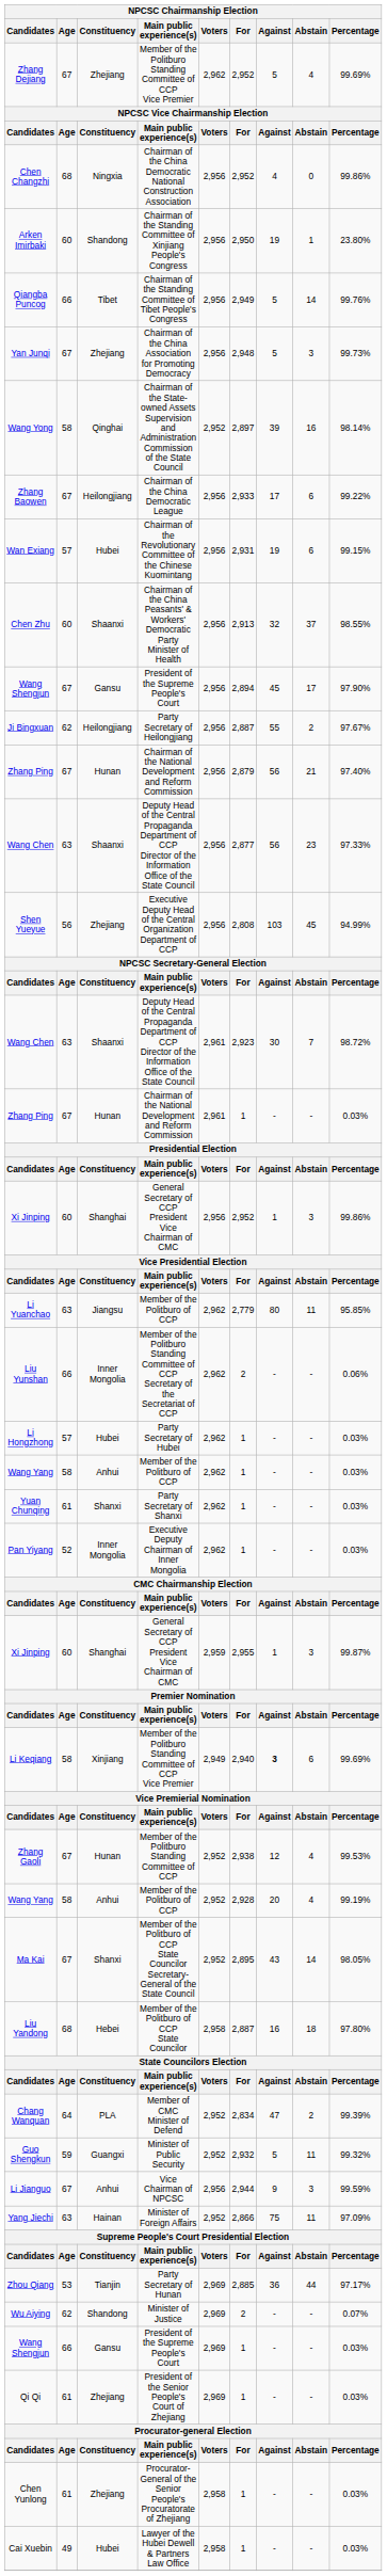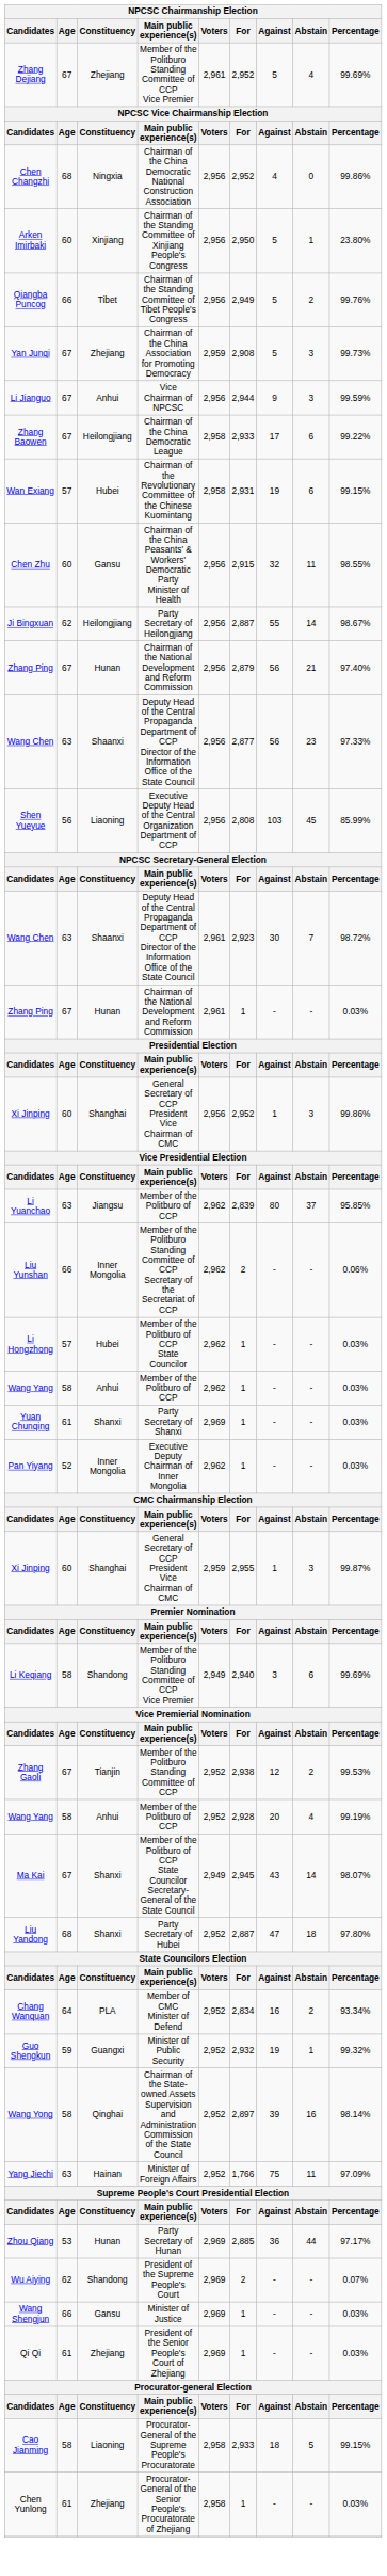 <table class="wikitable" style="text-align: center;">
 <tr>
 <th colspan=9>NPCSC Chairmanship Election</th>
 </tr>
 <tr>
 <th>Candidates</th>
 <th>Age</th>
 <th>Constituency</th>
 <th>Main public experience(s)</th>
 <th>Voters</th>
 <th>For</th>
 <th>Against</th>
 <th>Abstain</th>
 <th>Percentage</th>
 </tr>
 <tr>
 <td><a href='#'>Zhang Dejiang</a> </td>
 <td>67</td>
 <td>Zhejiang</td>
 <td>Member of the Politburo Standing Committee of CCP<br>Vice Premier</td>
-<td>2,962</td>
+<td>2,961</td>
 <td>2,952</td>
 <td>5</td>
 <td>4</td>
 <td>99.69%</td>
 </tr>
 <tr>
 <th colspan=9>NPCSC Vice Chairmanship Election</th>
 </tr>
 <tr>
 <th>Candidates</th>
 <th>Age</th>
 <th>Constituency</th>
 <th>Main public experience(s)</th>
 <th>Voters</th>
 <th>For</th>
 <th>Against</th>
 <th>Abstain</th>
 <th>Percentage</th>
 </tr>
 <tr>
 <td><a href='#'>Chen Changzhi</a> </td>
 <td>68</td>
 <td>Ningxia</td>
 <td>Chairman of the China Democratic National Construction Association</td>
 <td>2,956</td>
 <td>2,952</td>
 <td>4</td>
 <td>0</td>
 <td>99.86%</td>
 </tr>
 <tr>
 <td><a href='#'>Arken Imirbaki</a> </td>
 <td>60</td>
-<td>Shandong</td>
+<td>Xinjiang</td>
 <td>Chairman of the Standing Committee of Xinjiang People's Congress</td>
 <td>2,956</td>
 <td>2,950</td>
-<td>19</td>
+<td>5</td>
 <td>1</td>
 <td>23.80%</td>
 </tr>
 <tr>
 <td><a href='#'>Qiangba Puncog</a> </td>
 <td>66</td>
 <td>Tibet</td>
 <td>Chairman of the Standing Committee of Tibet People's Congress</td>
 <td>2,956</td>
 <td>2,949</td>
 <td>5</td>
-<td>14</td>
+<td>2</td>
 <td>99.76%</td>
 </tr>
 <tr>
 <td><a href='#'>Yan Junqi</a> </td>
 <td>67</td>
 <td>Zhejiang</td>
 <td>Chairman of the China Association for Promoting Democracy</td>
-<td>2,956</td>
-<td>2,948</td>
+<td>2,959</td>
+<td>2,908</td>
 <td>5</td>
 <td>3</td>
 <td>99.73%</td>
 </tr>
 <tr>
-<td><a href='#'>Wang Yong</a> </td>
-<td>58</td>
-<td>Qinghai</td>
-<td>Chairman of the State-owned Assets Supervision and Administration Commission of the State Council</td>
-<td>2,952</td>
-<td>2,897</td>
-<td>39</td>
-<td>16</td>
-<td>98.14%</td>
+<td><a href='#'>Li Jianguo</a> </td>
+<td>67</td>
+<td>Anhui</td>
+<td>Vice Chairman of NPCSC</td>
+<td>2,956</td>
+<td>2,944</td>
+<td>9</td>
+<td>3</td>
+<td>99.59%</td>
 </tr>
 <tr>
 <td><a href='#'>Zhang Baowen</a> </td>
 <td>67</td>
 <td>Heilongjiang</td>
 <td>Chairman of the China Democratic League</td>
-<td>2,956</td>
+<td>2,958</td>
 <td>2,933</td>
 <td>17</td>
 <td>6</td>
 <td>99.22%</td>
 </tr>
 <tr>
 <td><a href='#'>Wan Exiang</a> </td>
 <td>57</td>
 <td>Hubei</td>
 <td>Chairman of the Revolutionary Committee of the Chinese Kuomintang</td>
-<td>2,956</td>
+<td>2,958</td>
 <td>2,931</td>
 <td>19</td>
 <td>6</td>
 <td>99.15%</td>
 </tr>
 <tr>
 <td><a href='#'>Chen Zhu</a> </td>
 <td>60</td>
-<td>Shaanxi</td>
+<td>Gansu</td>
 <td>Chairman of the China Peasants' & Workers' Democratic Party<br>Minister of Health</td>
 <td>2,956</td>
-<td>2,913</td>
+<td>2,915</td>
 <td>32</td>
-<td>37</td>
+<td>11</td>
 <td>98.55%</td>
-</tr>
-<tr>
-<td><a href='#'>Wang Shengjun</a> </td>
-<td>67</td>
-<td>Gansu</td>
-<td>President of the Supreme People's Court</td>
-<td>2,956</td>
-<td>2,894</td>
-<td>45</td>
-<td>17</td>
-<td>97.90%</td>
 </tr>
 <tr>
 <td><a href='#'>Ji Bingxuan</a> </td>
 <td>62</td>
 <td>Heilongjiang</td>
 <td>Party Secretary of Heilongjiang</td>
 <td>2,956</td>
 <td>2,887</td>
 <td>55</td>
-<td>2</td>
-<td>97.67%</td>
+<td>14</td>
+<td>98.67%</td>
 </tr>
 <tr>
 <td><a href='#'>Zhang Ping</a> </td>
 <td>67</td>
 <td>Hunan</td>
 <td>Chairman of the National Development and Reform Commission</td>
 <td>2,956</td>
 <td>2,879</td>
 <td>56</td>
 <td>21</td>
 <td>97.40%</td>
 </tr>
 <tr>
 <td><a href='#'>Wang Chen</a> </td>
 <td>63</td>
 <td>Shaanxi</td>
 <td>Deputy Head of the Central Propaganda Department of CCP<br>Director of the Information Office of the State Council</td>
 <td>2,956</td>
 <td>2,877</td>
 <td>56</td>
 <td>23</td>
 <td>97.33%</td>
 </tr>
 <tr>
 <td><a href='#'>Shen Yueyue</a> </td>
 <td>56</td>
-<td>Zhejiang</td>
+<td>Liaoning</td>
 <td>Executive Deputy Head of the Central Organization Department of CCP</td>
 <td>2,956</td>
 <td>2,808</td>
 <td>103</td>
 <td>45</td>
-<td>94.99%</td>
+<td>85.99%</td>
 </tr>
 <tr>
 <th colspan=9>NPCSC Secretary-General Election</th>
 </tr>
 <tr>
 <th>Candidates</th>
 <th>Age</th>
 <th>Constituency</th>
 <th>Main public experience(s)</th>
 <th>Voters</th>
 <th>For</th>
 <th>Against</th>
 <th>Abstain</th>
 <th>Percentage</th>
 </tr>
 <tr>
 <td><a href='#'>Wang Chen</a> </td>
 <td>63</td>
 <td>Shaanxi</td>
 <td>Deputy Head of the Central Propaganda Department of CCP<br>Director of the Information Office of the State Council</td>
 <td>2,961</td>
 <td>2,923</td>
 <td>30</td>
 <td>7</td>
 <td>98.72%</td>
 </tr>
 <tr>
 <td><a href='#'>Zhang Ping</a></td>
 <td>67</td>
 <td>Hunan</td>
 <td>Chairman of the National Development and Reform Commission</td>
 <td>2,961</td>
 <td>1</td>
 <td>-</td>
 <td>-</td>
 <td>0.03%</td>
 </tr>
 <tr>
 <th colspan=9>Presidential Election</th>
 </tr>
 <tr>
 <th>Candidates</th>
 <th>Age</th>
 <th>Constituency</th>
 <th>Main public experience(s)</th>
 <th>Voters</th>
 <th>For</th>
 <th>Against</th>
 <th>Abstain</th>
 <th>Percentage</th>
 </tr>
 <tr>
 <td><a href='#'>Xi Jinping</a> </td>
 <td>60</td>
 <td>Shanghai</td>
 <td>General Secretary of CCP<br>President<br>Vice Chairman of CMC</td>
 <td>2,956</td>
 <td>2,952</td>
 <td>1</td>
 <td>3</td>
 <td>99.86%</td>
 </tr>
 <tr>
 <th colspan=9>Vice Presidential Election</th>
 </tr>
 <tr>
 <th>Candidates</th>
 <th>Age</th>
 <th>Constituency</th>
 <th>Main public experience(s)</th>
 <th>Voters</th>
 <th>For</th>
 <th>Against</th>
 <th>Abstain</th>
 <th>Percentage</th>
 </tr>
 <tr>
 <td><a href='#'>Li Yuanchao</a> </td>
 <td>63</td>
 <td>Jiangsu</td>
 <td>Member of the Politburo of CCP</td>
 <td>2,962</td>
-<td>2,779</td>
+<td>2,839</td>
 <td>80</td>
-<td>11</td>
+<td>37</td>
 <td>95.85%</td>
 </tr>
 <tr>
 <td><a href='#'>Liu Yunshan</a></td>
 <td>66</td>
 <td>Inner Mongolia</td>
 <td>Member of the Politburo Standing Committee of CCP<br>Secretary of the Secretariat of CCP</td>
 <td>2,962</td>
 <td>2</td>
 <td>-</td>
 <td>-</td>
 <td>0.06%</td>
 </tr>
 <tr>
 <td><a href='#'>Li Hongzhong</a></td>
 <td>57</td>
 <td>Hubei</td>
-<td>Party Secretary of Hubei</td>
+<td>Member of the Politburo of CCP<br>State Councilor</td>
 <td>2,962</td>
 <td>1</td>
 <td>-</td>
 <td>-</td>
 <td>0.03%</td>
 </tr>
 <tr>
 <td><a href='#'>Wang Yang</a></td>
 <td>58</td>
 <td>Anhui</td>
 <td>Member of the Politburo of CCP</td>
 <td>2,962</td>
 <td>1</td>
 <td>-</td>
 <td>-</td>
 <td>0.03%</td>
 </tr>
 <tr>
 <td><a href='#'>Yuan Chunqing</a></td>
 <td>61</td>
 <td>Shanxi</td>
 <td>Party Secretary of Shanxi</td>
-<td>2,962</td>
+<td>2,969</td>
 <td>1</td>
 <td>-</td>
 <td>-</td>
 <td>0.03%</td>
 </tr>
 <tr>
 <td><a href='#'>Pan Yiyang</a></td>
 <td>52</td>
 <td>Inner Mongolia</td>
 <td>Executive Deputy Chairman of Inner Mongolia</td>
 <td>2,962</td>
 <td>1</td>
 <td>-</td>
 <td>-</td>
 <td>0.03%</td>
 </tr>
 <tr>
 <th colspan=9>CMC Chairmanship Election</th>
 </tr>
 <tr>
 <th>Candidates</th>
 <th>Age</th>
 <th>Constituency</th>
 <th>Main public experience(s)</th>
 <th>Voters</th>
 <th>For</th>
 <th>Against</th>
 <th>Abstain</th>
 <th>Percentage</th>
 </tr>
 <tr>
 <td><a href='#'>Xi Jinping</a> </td>
 <td>60</td>
 <td>Shanghai</td>
 <td>General Secretary of CCP<br>President<br>Vice Chairman of CMC</td>
 <td>2,959</td>
 <td>2,955</td>
 <td>1</td>
 <td>3</td>
 <td>99.87%</td>
 </tr>
 <tr>
 <th colspan=9>Premier Nomination</th>
 </tr>
 <tr>
 <th>Candidates</th>
 <th>Age</th>
 <th>Constituency</th>
 <th>Main public experience(s)</th>
 <th>Voters</th>
 <th>For</th>
 <th>Against</th>
 <th>Abstain</th>
 <th>Percentage</th>
 </tr>
 <tr>
 <td><a href='#'>Li Keqiang</a> </td>
 <td>58</td>
-<td>Xinjiang</td>
+<td>Shandong</td>
 <td>Member of the Politburo Standing Committee of CCP<br>Vice Premier</td>
 <td>2,949</td>
 <td>2,940</td>
-<td><strong>3</strong></td>
+<td>3</td>
 <td>6</td>
 <td>99.69%</td>
 </tr>
 <tr>
 <th colspan=9>Vice Premierial Nomination</th>
 </tr>
 <tr>
 <th>Candidates</th>
 <th>Age</th>
 <th>Constituency</th>
 <th>Main public experience(s)</th>
 <th>Voters</th>
 <th>For</th>
 <th>Against</th>
 <th>Abstain</th>
 <th>Percentage</th>
 </tr>
 <tr>
 <td><a href='#'>Zhang Gaoli</a> </td>
 <td>67</td>
-<td>Hunan</td>
+<td>Tianjin</td>
 <td>Member of the Politburo Standing Committee of CCP</td>
 <td>2,952</td>
 <td>2,938</td>
 <td>12</td>
-<td>4</td>
+<td>2</td>
 <td>99.53%</td>
 </tr>
 <tr>
 <td><a href='#'>Wang Yang</a> </td>
 <td>58</td>
 <td>Anhui</td>
 <td>Member of the Politburo of CCP</td>
 <td>2,952</td>
 <td>2,928</td>
 <td>20</td>
 <td>4</td>
 <td>99.19%</td>
 </tr>
 <tr>
 <td><a href='#'>Ma Kai</a> </td>
 <td>67</td>
 <td>Shanxi</td>
 <td>Member of the Politburo of CCP<br>State Councilor<br>Secretary-General of the State Council</td>
-<td>2,952</td>
-<td>2,895</td>
+<td>2,949</td>
+<td>2,945</td>
 <td>43</td>
 <td>14</td>
-<td>98.05%</td>
+<td>98.07%</td>
 </tr>
 <tr>
 <td><a href='#'>Liu Yandong</a> </td>
 <td>68</td>
-<td>Hebei</td>
-<td>Member of the Politburo of CCP<br>State Councilor</td>
-<td>2,958</td>
+<td>Shanxi</td>
+<td>Party Secretary of Hubei</td>
+<td>2,952</td>
 <td>2,887</td>
-<td>16</td>
+<td>47</td>
 <td>18</td>
 <td>97.80%</td>
 </tr>
 <tr>
 <th colspan=9>State Councilors Election</th>
 </tr>
 <tr>
 <th>Candidates</th>
 <th>Age</th>
 <th>Constituency</th>
 <th>Main public experience(s)</th>
 <th>Voters</th>
 <th>For</th>
 <th>Against</th>
 <th>Abstain</th>
 <th>Percentage</th>
 </tr>
 <tr>
 <td><a href='#'>Chang Wanquan</a> </td>
 <td>64</td>
 <td>PLA</td>
 <td>Member of CMC<br>Minister of Defend</td>
 <td>2,952</td>
 <td>2,834</td>
-<td>47</td>
+<td>16</td>
 <td>2</td>
-<td>99.39%</td>
+<td>93.34%</td>
 </tr>
 <tr>
 <td><a href='#'>Guo Shengkun</a> </td>
 <td>59</td>
 <td>Guangxi</td>
 <td>Minister of Public Security</td>
 <td>2,952</td>
 <td>2,932</td>
-<td>5</td>
-<td>11</td>
+<td>19</td>
+<td>1</td>
 <td>99.32%</td>
 </tr>
 <tr>
-<td><a href='#'>Li Jianguo</a> </td>
-<td>67</td>
-<td>Anhui</td>
-<td>Vice Chairman of NPCSC</td>
-<td>2,956</td>
-<td>2,944</td>
-<td>9</td>
-<td>3</td>
-<td>99.59%</td>
+<td><a href='#'>Wang Yong</a> </td>
+<td>58</td>
+<td>Qinghai</td>
+<td>Chairman of the State-owned Assets Supervision and Administration Commission of the State Council</td>
+<td>2,952</td>
+<td>2,897</td>
+<td>39</td>
+<td>16</td>
+<td>98.14%</td>
 </tr>
 <tr>
 <td><a href='#'>Yang Jiechi</a> </td>
 <td>63</td>
 <td>Hainan</td>
 <td>Minister of Foreign Affairs</td>
 <td>2,952</td>
-<td>2,866</td>
+<td>1,766</td>
 <td>75</td>
 <td>11</td>
 <td>97.09%</td>
 </tr>
 <tr>
 <th colspan=9>Supreme People's Court Presidential Election</th>
 </tr>
 <tr>
 <th>Candidates</th>
 <th>Age</th>
 <th>Constituency</th>
 <th>Main public experience(s)</th>
 <th>Voters</th>
 <th>For</th>
 <th>Against</th>
 <th>Abstain</th>
 <th>Percentage</th>
 </tr>
 <tr>
 <td><a href='#'>Zhou Qiang</a> </td>
 <td>53</td>
-<td>Tianjin</td>
+<td>Hunan</td>
 <td>Party Secretary of Hunan</td>
 <td>2,969</td>
 <td>2,885</td>
 <td>36</td>
 <td>44</td>
 <td>97.17%</td>
 </tr>
 <tr>
 <td><a href='#'>Wu Aiying</a></td>
 <td>62</td>
 <td>Shandong</td>
-<td>Minister of Justice</td>
+<td>President of the Supreme People's Court</td>
 <td>2,969</td>
 <td>2</td>
 <td>-</td>
 <td>-</td>
 <td>0.07%</td>
 </tr>
 <tr>
 <td><a href='#'>Wang Shengjun</a></td>
 <td>66</td>
 <td>Gansu</td>
-<td>President of the Supreme People's Court</td>
+<td>Minister of Justice</td>
 <td>2,969</td>
 <td>1</td>
 <td>-</td>
 <td>-</td>
 <td>0.03%</td>
 </tr>
 <tr>
 <td>Qi Qi</td>
 <td>61</td>
 <td>Zhejiang</td>
 <td>President of the Senior People's Court of Zhejiang</td>
 <td>2,969</td>
 <td>1</td>
 <td>-</td>
 <td>-</td>
 <td>0.03%</td>
 </tr>
 <tr>
 <th colspan=9>Procurator-general Election</th>
 </tr>
 <tr>
 <th>Candidates</th>
 <th>Age</th>
 <th>Constituency</th>
 <th>Main public experience(s)</th>
 <th>Voters</th>
 <th>For</th>
 <th>Against</th>
 <th>Abstain</th>
 <th>Percentage</th>
 </tr>
 <tr>
+<td><a href='#'>Cao Jianming</a> </td>
+<td>58</td>
+<td>Liaoning</td>
+<td>Procurator-General of the Supreme People's Procuratorate</td>
+<td>2,958</td>
+<td>2,933</td>
+<td>18</td>
+<td>5</td>
+<td>99.15%</td>
+</tr>
+<tr>
 <td>Chen Yunlong</td>
 <td>61</td>
 <td>Zhejiang</td>
 <td>Procurator-General of the Senior People's Procuratorate of Zhejiang</td>
 <td>2,958</td>
 <td>1</td>
 <td>-</td>
 <td>-</td>
 <td>0.03%</td>
 </tr>
 <tr>
-<td>Cai Xuebin</td>
-<td>49</td>
-<td>Hubei</td>
-<td>Lawyer of the Hubei Dewell & Partners Law Office</td>
-<td>2,958</td>
-<td>1</td>
-<td>-</td>
-<td>-</td>
-<td>0.03%</td>
-</tr>
-<tr>
 </tr>
 <tr>
 </tr>
 </table>
